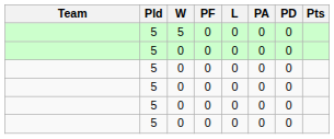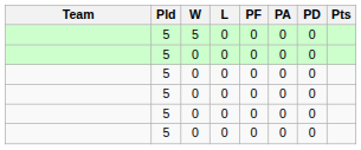 <table class=wikitable style="text-align:center">
 <tr>
 <th width=180>Team</th>
 <th width=30>Pld</th>
 <th width=30>W</th>
+<th width=30>L</th>
 <th width=30>PF</th>
-<th width=30>L</th>
 <th width=30>PA</th>
 <th width=30>PD</th>
 <th width=30>Pts</th>
 </tr>
 <tr bgcolor="#ccffcc">
 <td align="left"></td>
 <td>5</td>
 <td>5</td>
 <td>0</td>
 <td>0</td>
 <td>0</td>
 <td>0</td>
 <td><strong>  </strong></td>
 </tr>
 <tr bgcolor="#ccffcc">
 <td align="left"></td>
 <td>5</td>
 <td>0</td>
 <td>0</td>
 <td>0</td>
 <td>0</td>
 <td>0</td>
 <td><strong>  </strong></td>
 </tr>
 <tr b>
 <td align="left"></td>
 <td>5</td>
 <td>0</td>
 <td>0</td>
 <td>0</td>
 <td>0</td>
 <td>0</td>
 <td><strong>  </strong></td>
 </tr>
 <tr>
 <td align="left"></td>
 <td>5</td>
 <td>0</td>
 <td>0</td>
 <td>0</td>
 <td>0</td>
 <td>0</td>
 <td><strong>  </strong></td>
 </tr>
 <tr>
 <td align="left"></td>
 <td>5</td>
 <td>0</td>
 <td>0</td>
 <td>0</td>
 <td>0</td>
 <td>0</td>
 <td><strong>  </strong></td>
 </tr>
 <tr>
 <td align="left"></td>
 <td>5</td>
 <td>0</td>
 <td>0</td>
 <td>0</td>
 <td>0</td>
 <td>0</td>
 <td><strong>  </strong></td>
 </tr>
 </table>
